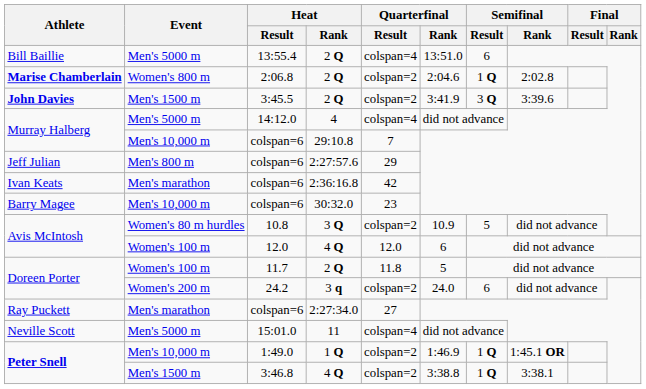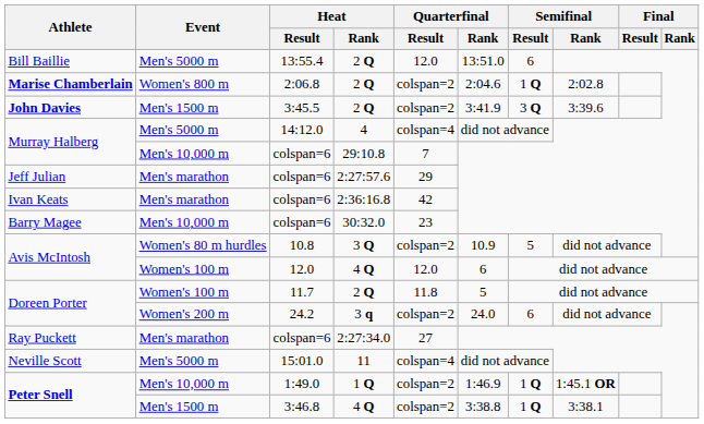 <table class=wikitable style=font-size:90%>
 <tr>
 <th rowspan=2>Athlete</th>
 <th rowspan=2>Event</th>
 <th colspan=2>Heat</th>
 <th colspan=2>Quarterfinal</th>
 <th colspan=2>Semifinal</th>
 <th colspan=2>Final</th>
 </tr>
 <tr style=font-size:95%>
 <th>Result</th>
 <th>Rank</th>
 <th>Result</th>
 <th>Rank</th>
 <th>Result</th>
 <th>Rank</th>
 <th>Result</th>
 <th>Rank</th>
 </tr>
 <tr align=center>
 <td align=left><a href='#'>Bill Baillie</a></td>
 <td align=left><a href='#'>Men's 5000 m</a></td>
 <td>13:55.4</td>
 <td>2 <strong>Q</strong></td>
-<td>colspan=4 </td>
+<td>12.0</td>
 <td>13:51.0</td>
 <td>6</td>
 </tr>
 <tr align=center>
 <td align=left><strong><a href='#'>Marise Chamberlain</a></strong></td>
 <td align=left><a href='#'>Women's 800 m</a></td>
 <td>2:06.8</td>
 <td>2 <strong>Q</strong></td>
 <td>colspan=2 </td>
 <td>2:04.6</td>
 <td>1 <strong>Q</strong></td>
 <td>2:02.8</td>
 <td></td>
 </tr>
 <tr align=center>
 <td align=left><strong><a href='#'>John Davies</a></strong></td>
 <td align=left><a href='#'>Men's 1500 m</a></td>
 <td>3:45.5</td>
 <td>2 <strong>Q</strong></td>
 <td>colspan=2 </td>
 <td>3:41.9</td>
 <td>3 <strong>Q</strong></td>
 <td>3:39.6</td>
 <td></td>
 </tr>
 <tr align=center>
 <td align=left rowspan=2><a href='#'>Murray Halberg</a></td>
 <td align=left><a href='#'>Men's 5000 m</a></td>
 <td>14:12.0</td>
 <td>4</td>
 <td>colspan=4 </td>
 <td colspan=2>did not advance</td>
 </tr>
 <tr align=center>
 <td align=left><a href='#'>Men's 10,000 m</a></td>
 <td>colspan=6 </td>
 <td>29:10.8</td>
 <td>7</td>
 </tr>
 <tr align=center>
 <td align=left><a href='#'>Jeff Julian</a></td>
-<td align=left><a href='#'>Men's 800 m</a></td>
+<td align=left><a href='#'>Men's marathon</a></td>
 <td>colspan=6 </td>
 <td>2:27:57.6</td>
 <td>29</td>
 </tr>
 <tr align=center>
 <td align=left><a href='#'>Ivan Keats</a></td>
 <td align=left><a href='#'>Men's marathon</a></td>
 <td>colspan=6 </td>
 <td>2:36:16.8</td>
 <td>42</td>
 </tr>
 <tr align=center>
 <td align=left><a href='#'>Barry Magee</a></td>
 <td align=left><a href='#'>Men's 10,000 m</a></td>
 <td>colspan=6 </td>
 <td>30:32.0</td>
 <td>23</td>
 </tr>
 <tr align=center>
 <td align=left rowspan=2><a href='#'>Avis McIntosh</a></td>
 <td align=left><a href='#'>Women's 80 m hurdles</a></td>
 <td>10.8</td>
 <td>3 <strong>Q</strong></td>
 <td>colspan=2 </td>
 <td>10.9</td>
 <td>5</td>
 <td colspan=2>did not advance</td>
 </tr>
 <tr align=center>
 <td align=left><a href='#'>Women's 100 m</a></td>
 <td>12.0</td>
 <td>4 <strong>Q</strong></td>
 <td>12.0</td>
 <td>6</td>
 <td colspan=4>did not advance</td>
 </tr>
 <tr align=center>
 <td align=left rowspan=2><a href='#'>Doreen Porter</a></td>
 <td align=left><a href='#'>Women's 100 m</a></td>
 <td>11.7</td>
 <td>2 <strong>Q</strong></td>
 <td>11.8</td>
 <td>5</td>
 <td colspan=4>did not advance</td>
 </tr>
 <tr align=center>
 <td align=left><a href='#'>Women's 200 m</a></td>
 <td>24.2</td>
 <td>3 <strong>q</strong></td>
 <td>colspan=2 </td>
 <td>24.0</td>
 <td>6</td>
 <td colspan=2>did not advance</td>
 </tr>
 <tr align=center>
 <td align=left><a href='#'>Ray Puckett</a></td>
 <td align=left><a href='#'>Men's marathon</a></td>
 <td>colspan=6 </td>
 <td>2:27:34.0</td>
 <td>27</td>
 </tr>
 <tr align=center>
 <td align=left><a href='#'>Neville Scott</a></td>
 <td align=left><a href='#'>Men's 5000 m</a></td>
 <td>15:01.0</td>
 <td>11</td>
 <td>colspan=4 </td>
 <td colspan=2>did not advance</td>
 </tr>
 <tr align=center>
 <td align=left rowspan=2><strong><a href='#'>Peter Snell</a></strong></td>
 <td align=left><a href='#'>Men's 10,000 m</a></td>
 <td>1:49.0</td>
 <td>1 <strong>Q</strong></td>
 <td>colspan=2 </td>
 <td>1:46.9</td>
 <td>1 <strong>Q</strong></td>
 <td>1:45.1 <strong>OR</strong></td>
 <td></td>
 </tr>
 <tr align=center>
 <td align=left><a href='#'>Men's 1500 m</a></td>
 <td>3:46.8</td>
 <td>4 <strong>Q</strong></td>
 <td>colspan=2 </td>
 <td>3:38.8</td>
 <td>1 <strong>Q</strong></td>
 <td>3:38.1</td>
 <td></td>
 </tr>
 </table>
